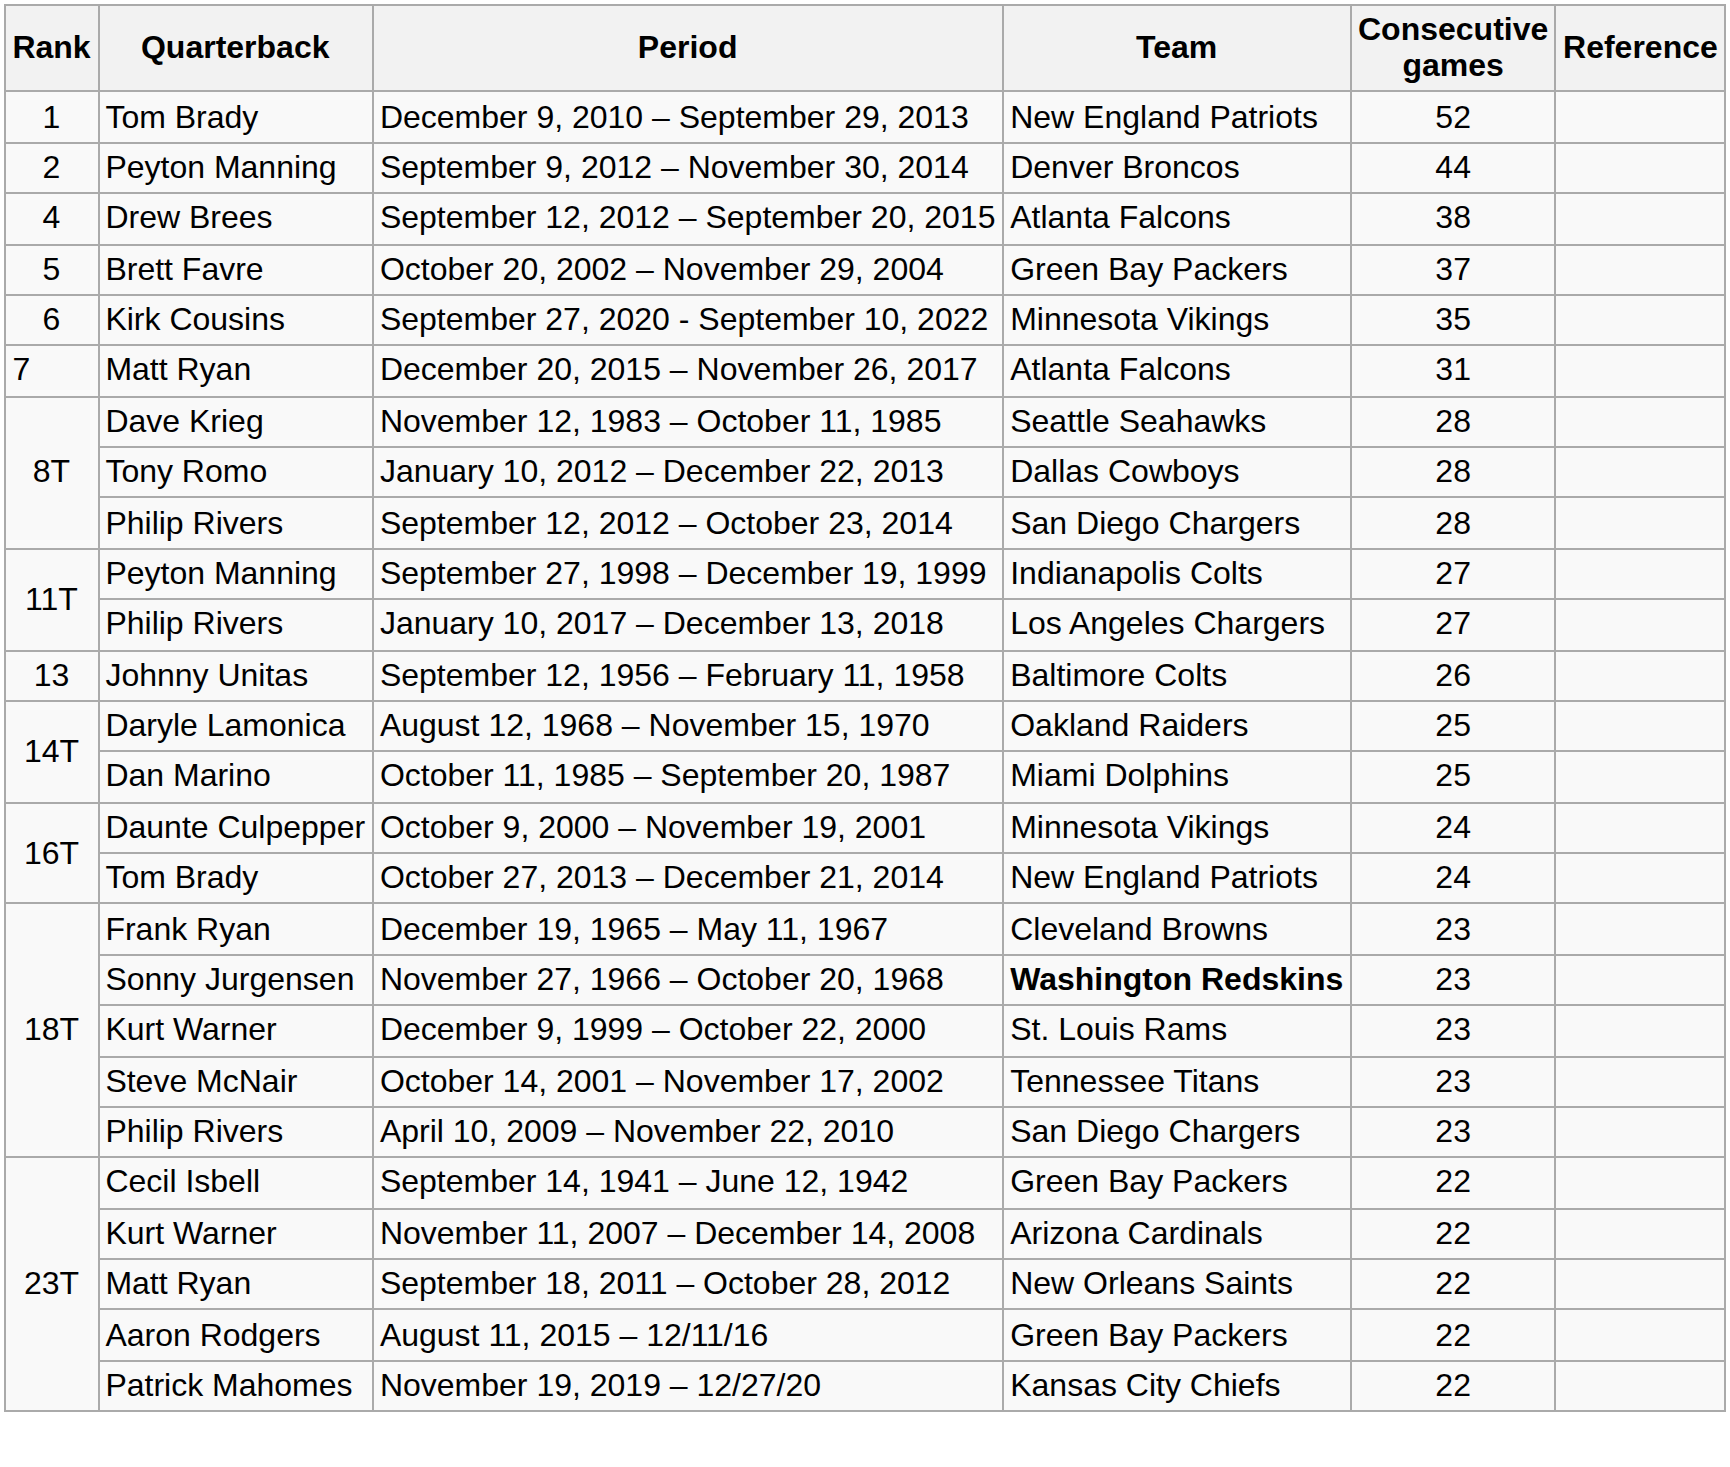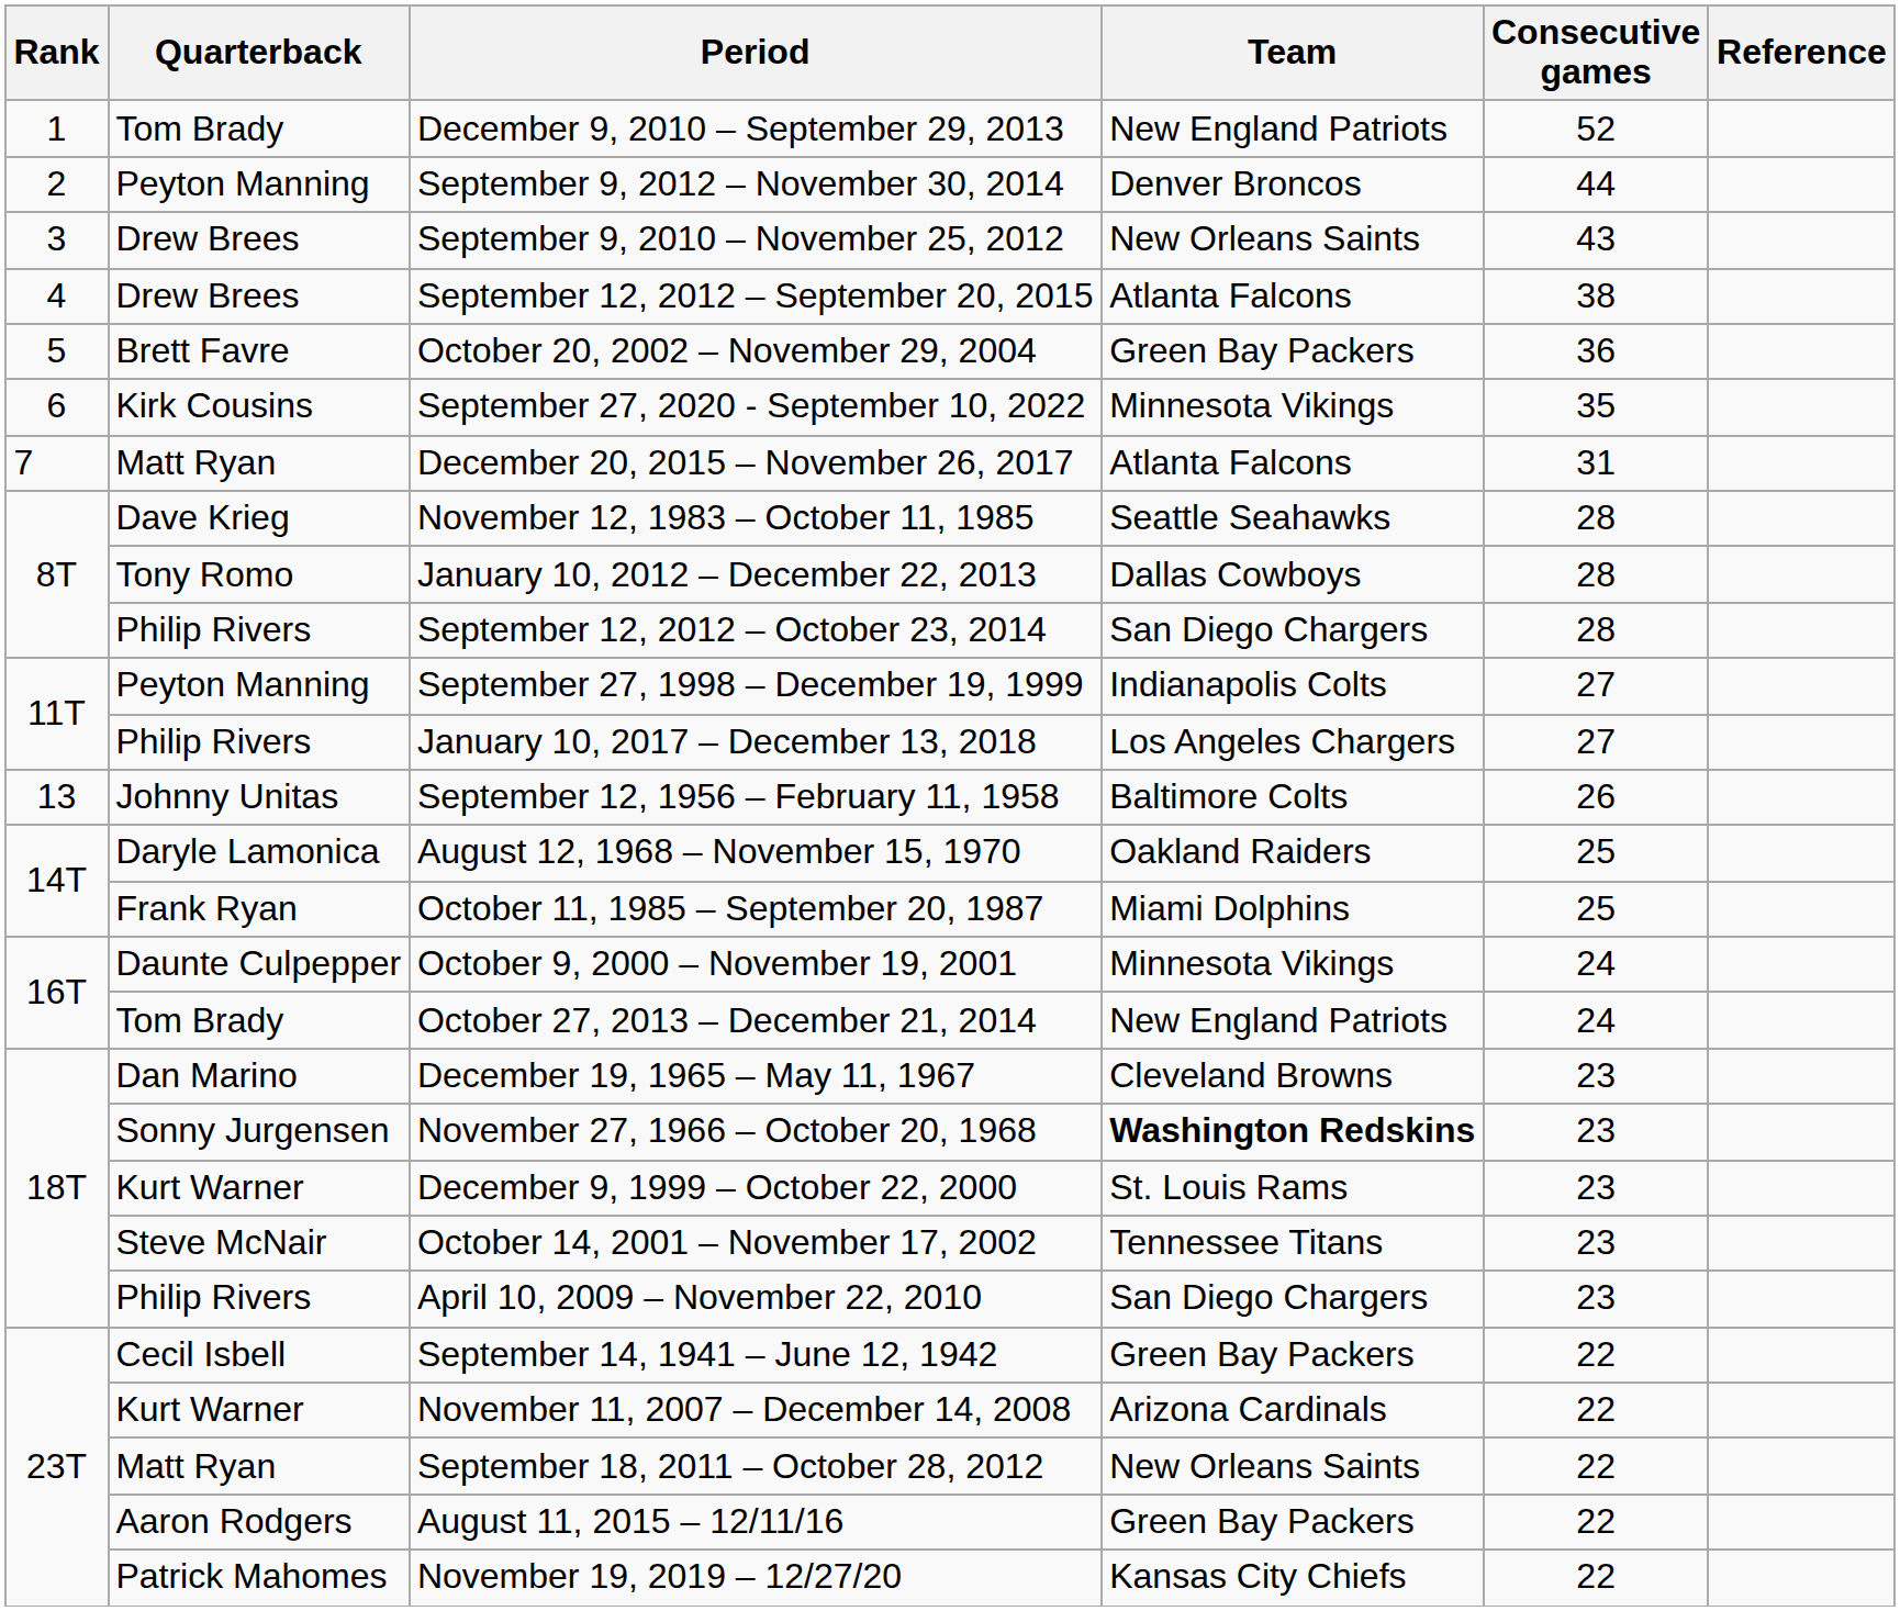 <table class="wikitable">
 <tr>
 <th>Rank</th>
 <th>Quarterback</th>
 <th>Period</th>
 <th>Team</th>
 <th>Consecutive<br>games</th>
 <th>Reference</th>
 </tr>
 <tr>
 <td style="text-align:center;" rowspan="1">1</td>
 <td>Tom Brady</td>
 <td>December 9, 2010 – September 29, 2013</td>
 <td>New England Patriots</td>
 <td style="text-align:center;">52</td>
 <td style="text-align:center;"></td>
 </tr>
 <tr>
 <td style="text-align:center;" rowspan="1">2</td>
 <td>Peyton Manning</td>
 <td>September 9, 2012 – November 30, 2014</td>
 <td>Denver Broncos</td>
 <td style="text-align:center;">44</td>
 <td style="text-align:center;"></td>
 </tr>
 <tr>
+<td style="text-align:center;" rowspan="1">3</td>
+<td>Drew Brees</td>
+<td>September 9, 2010 – November 25, 2012</td>
+<td>New Orleans Saints</td>
+<td style="text-align:center;">43</td>
+<td style="text-align:center;"></td>
+</tr>
+<tr>
 <td style="text-align:center;" rowspan="1">4</td>
 <td>Drew Brees</td>
 <td>September 12, 2012 – September 20, 2015</td>
 <td>Atlanta Falcons</td>
 <td style="text-align:center;">38</td>
 <td style="text-align:center;"></td>
 </tr>
 <tr>
 <td style="text-align:center;" rowspan="1">5</td>
 <td>Brett Favre</td>
 <td>October 20, 2002 – November 29, 2004</td>
 <td>Green Bay Packers</td>
-<td style="text-align:center;">37</td>
+<td style="text-align:center;">36</td>
 <td style="text-align:center;"></td>
 </tr>
 <tr>
 <td style="text-align:center;" rowspan="1">6</td>
 <td>Kirk Cousins</td>
 <td>September 27, 2020 - September 10, 2022</td>
 <td>Minnesota Vikings</td>
 <td style="text-align:center;">35</td>
 <td style="text-align:center;"></td>
 </tr>
 <tr>
 <td rowspan="1">7</td>
 <td>Matt Ryan</td>
 <td>December 20, 2015 – November 26, 2017</td>
 <td>Atlanta Falcons</td>
 <td style="text-align:center;">31</td>
 <td style="text-align:center;"></td>
 </tr>
 <tr>
 </tr>
 <tr>
 <td style="text-align:center;" rowspan="3">8T</td>
 <td>Dave Krieg</td>
 <td>November 12, 1983 – October 11, 1985</td>
 <td>Seattle Seahawks</td>
 <td style="text-align:center;">28</td>
 <td style="text-align:center;"></td>
 </tr>
 <tr>
 <td>Tony Romo</td>
 <td>January 10, 2012 – December 22, 2013</td>
 <td>Dallas Cowboys</td>
 <td style="text-align:center;">28</td>
 <td style="text-align:center;"></td>
 </tr>
 <tr>
 <td>Philip Rivers</td>
 <td>September 12, 2012 – October 23, 2014</td>
 <td>San Diego Chargers</td>
 <td style="text-align:center;">28</td>
 <td style="text-align:center;"></td>
 </tr>
 <tr>
 <td style="text-align:center;" rowspan="2">11T</td>
 <td>Peyton Manning</td>
 <td>September 27, 1998 – December 19, 1999</td>
 <td>Indianapolis Colts</td>
 <td style="text-align:center;">27</td>
 <td style="text-align:center;"></td>
 </tr>
 <tr>
 <td>Philip Rivers</td>
 <td>January 10, 2017 – December 13, 2018</td>
 <td>Los Angeles Chargers</td>
 <td style="text-align:center;">27</td>
 <td style="text-align:center;"></td>
 </tr>
 <tr>
 <td style="text-align:center;" rowspan="1">13</td>
 <td>Johnny Unitas</td>
 <td>September 12, 1956 – February 11, 1958</td>
 <td>Baltimore Colts</td>
 <td style="text-align:center;">26</td>
 <td style="text-align:center;"></td>
 </tr>
 <tr>
 <td style="text-align:center;" rowspan="2">14T</td>
 <td>Daryle Lamonica</td>
 <td>August 12, 1968 – November 15, 1970</td>
 <td>Oakland Raiders</td>
 <td style="text-align:center;">25</td>
 <td style="text-align:center;"></td>
 </tr>
 <tr>
-<td>Dan Marino</td>
+<td>Frank Ryan</td>
 <td>October 11, 1985 – September 20, 1987</td>
 <td>Miami Dolphins</td>
 <td style="text-align:center;">25</td>
 <td style="text-align:center;"></td>
 </tr>
 <tr>
 <td style="text-align:center;" rowspan="2">16T</td>
 <td>Daunte Culpepper</td>
 <td>October 9, 2000 – November 19, 2001</td>
 <td>Minnesota Vikings</td>
 <td style="text-align:center;">24</td>
 <td style="text-align:center;"></td>
 </tr>
 <tr>
 <td>Tom Brady</td>
 <td>October 27, 2013 – December 21, 2014</td>
 <td>New England Patriots</td>
 <td style="text-align:center;">24</td>
 <td style="text-align:center;"></td>
 </tr>
 <tr>
 <td style="text-align:center;" rowspan="5">18T</td>
-<td>Frank Ryan</td>
+<td>Dan Marino</td>
 <td>December 19, 1965 – May 11, 1967</td>
 <td>Cleveland Browns</td>
 <td style="text-align:center;">23</td>
 <td style="text-align:center;"></td>
 </tr>
 <tr>
 <td>Sonny Jurgensen</td>
 <td>November 27, 1966 – October 20, 1968</td>
 <td><strong>Washington Redskins</strong></td>
 <td style="text-align:center;">23</td>
 <td style="text-align:center;"></td>
 </tr>
 <tr>
 <td>Kurt Warner</td>
 <td>December 9, 1999 – October 22, 2000</td>
 <td>St. Louis Rams</td>
 <td style="text-align:center;">23</td>
 <td style="text-align:center;"></td>
 </tr>
 <tr>
 <td>Steve McNair</td>
 <td>October 14, 2001 – November 17, 2002</td>
 <td>Tennessee Titans</td>
 <td style="text-align:center;">23</td>
 <td style="text-align:center;"></td>
 </tr>
 <tr>
 <td>Philip Rivers</td>
 <td>April 10, 2009 – November 22, 2010</td>
 <td>San Diego Chargers</td>
 <td style="text-align:center;">23</td>
 <td style="text-align:center;"></td>
 </tr>
 <tr>
 <td style="text-align:center;" rowspan="5">23T</td>
 <td>Cecil Isbell</td>
 <td>September 14, 1941 – June 12, 1942</td>
 <td>Green Bay Packers</td>
 <td style="text-align:center;">22</td>
 <td style="text-align:center;"></td>
 </tr>
 <tr>
 <td>Kurt Warner</td>
 <td>November 11, 2007 – December 14, 2008</td>
 <td>Arizona Cardinals</td>
 <td style="text-align:center;">22</td>
 <td style="text-align:center;"></td>
 </tr>
 <tr>
 <td>Matt Ryan</td>
 <td>September 18, 2011 – October 28, 2012</td>
 <td>New Orleans Saints</td>
 <td style="text-align:center;">22</td>
 <td style="text-align:center;"></td>
 </tr>
 <tr>
 <td>Aaron Rodgers</td>
 <td>August 11, 2015 – 12/11/16</td>
 <td>Green Bay Packers</td>
 <td style="text-align:center;">22</td>
 <td style="text-align:center;"></td>
 </tr>
 <tr>
 <td>Patrick Mahomes</td>
 <td>November 19, 2019 – 12/27/20</td>
 <td>Kansas City Chiefs</td>
 <td style="text-align:center;">22</td>
 <td style="text-align:center;"></td>
 </tr>
 <tr>
 </tr>
 </table>
